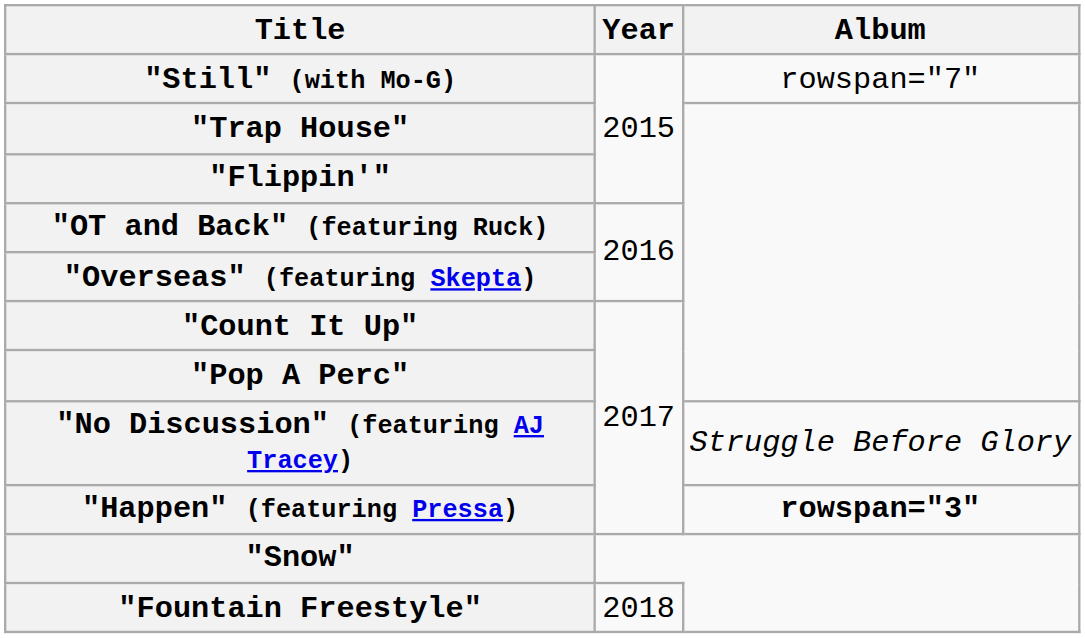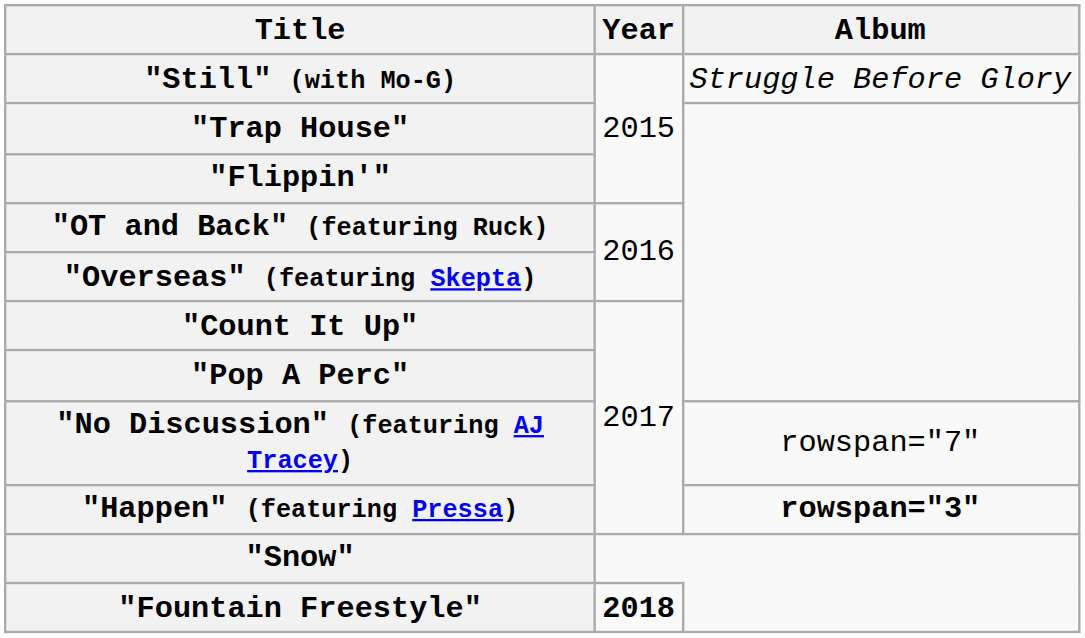 <table class="wikitable plainrowheaders" style="text-align:center;">
 <tr>
 <th scope="col" style="width:19em;">Title</th>
 <th scope="col">Year</th>
 <th scope="col">Album</th>
 </tr>
 <tr>
 <th scope="row">"Still" <small>(with Mo-G)</small></th>
 <td rowspan="3">2015</td>
-<td>rowspan="7" </td>
+<td><em>Struggle Before Glory</em></td>
 </tr>
 <tr>
 <th scope="row">"Trap House"</th>
 </tr>
 <tr>
 <th scope="row">"Flippin'"</th>
 </tr>
 <tr>
 <th scope="row">"OT and Back" <small>(featuring Ruck)</small></th>
 <td rowspan="2">2016</td>
 </tr>
 <tr>
 <th scope="row">"Overseas" <small>(featuring <a href='#'>Skepta</a>)</small></th>
 </tr>
 <tr>
 <th scope="row">"Count It Up"</th>
 <td rowspan="4">2017</td>
 </tr>
 <tr>
 <th scope="row">"Pop A Perc"</th>
 </tr>
 <tr>
 <th scope="row">"No Discussion" <small>(featuring <a href='#'>AJ Tracey</a>)</small></th>
-<td><em>Struggle Before Glory</em></td>
+<td>rowspan="7" </td>
 </tr>
 <tr>
 <th scope="row">"Happen" <small>(featuring <a href='#'>Pressa</a>)</small></th>
 <td><strong>rowspan="3" </strong></td>
 </tr>
 <tr>
 <th scope="row">"Snow"</th>
 </tr>
 <tr>
 <th scope="row">"Fountain Freestyle"</th>
-<td>2018</td>
+<td><strong>2018</strong></td>
 </tr>
 </table>
